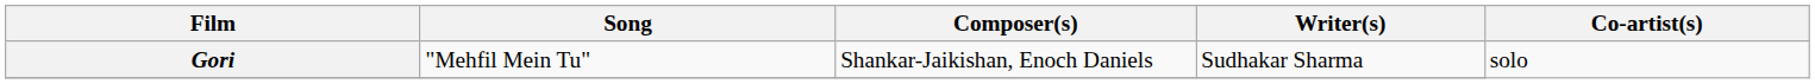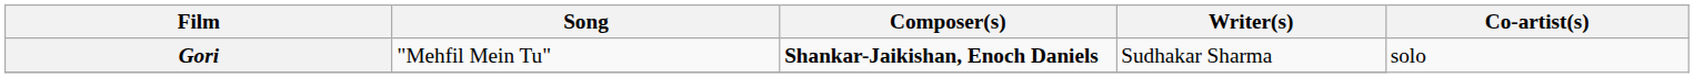 <table class="wikitable plainrowheaders" width="100%" textcolor:#000;">
 <tr style="background:#b0e0e66;">
 <th scope="col" width=23%><strong>Film</strong></th>
 <th scope="col" width=23%><strong>Song</strong></th>
 <th scope="col" width=20%><strong>Composer(s)</strong></th>
 <th scope="col" width=16%><strong>Writer(s)</strong></th>
 <th scope="col" width=18%><strong>Co-artist(s)</strong></th>
 </tr>
 <tr>
 <th><em>Gori</em></th>
 <td>"Mehfil Mein Tu"</td>
-<td>Shankar-Jaikishan, Enoch Daniels</td>
+<td><strong>Shankar-Jaikishan, Enoch Daniels</strong></td>
 <td>Sudhakar Sharma</td>
 <td rowspan=2>solo</td>
 </tr>
 <tr>
 </tr>
 </table>
